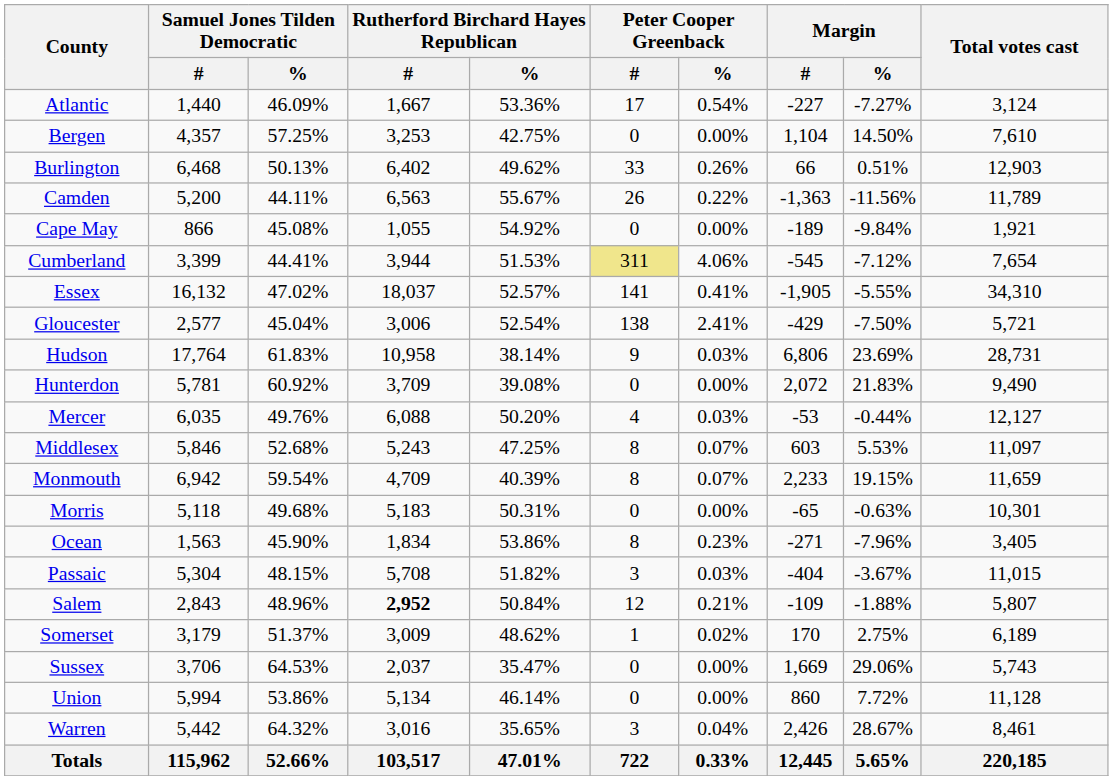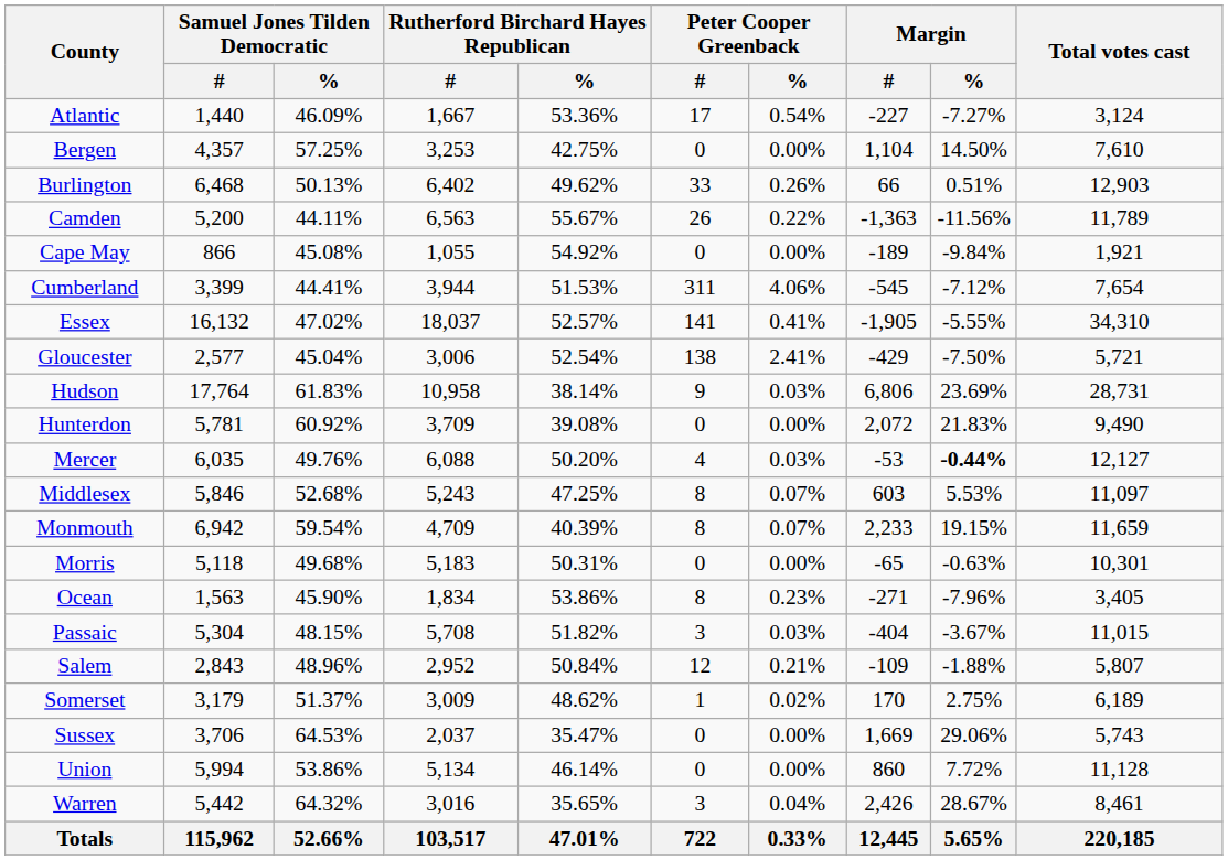 <table class="wikitable sortable">
 <tr>
 <th rowspan="2">County</th>
 <th colspan="2">Samuel Jones Tilden<br>Democratic</th>
 <th colspan="2">Rutherford Birchard Hayes<br>Republican</th>
 <th colspan="2">Peter Cooper<br>Greenback</th>
 <th colspan="2">Margin</th>
 <th rowspan="2">Total votes cast</th>
 </tr>
 <tr>
 <th width="9%" data-sort-type="number">#</th>
 <th width="9%" data-sort-type="number">%</th>
 <th width="11%" data-sort-type="number">#</th>
 <th width="11%" data-sort-type="number">%</th>
 <th width="8%" data-sort-type="number">#</th>
 <th width="8%" data-sort-type="number">%</th>
 <th width="7%" data-sort-type="number">#</th>
 <th width="7%" data-sort-type="number">%</th>
 </tr>
 <tr style="text-align:center;">
 <td><a href='#'>Atlantic</a></td>
 <td>1,440</td>
 <td>46.09%</td>
 <td>1,667</td>
 <td>53.36%</td>
 <td>17</td>
 <td>0.54%</td>
 <td>-227</td>
 <td>-7.27%</td>
 <td>3,124</td>
 </tr>
 <tr style="text-align:center;">
 <td><a href='#'>Bergen</a></td>
 <td>4,357</td>
 <td>57.25%</td>
 <td>3,253</td>
 <td>42.75%</td>
 <td>0</td>
 <td>0.00%</td>
 <td>1,104</td>
 <td>14.50%</td>
 <td>7,610</td>
 </tr>
 <tr style="text-align:center;">
 <td><a href='#'>Burlington</a></td>
 <td>6,468</td>
 <td>50.13%</td>
 <td>6,402</td>
 <td>49.62%</td>
 <td>33</td>
 <td>0.26%</td>
 <td>66</td>
 <td>0.51%</td>
 <td>12,903</td>
 </tr>
 <tr style="text-align:center;">
 <td><a href='#'>Camden</a></td>
 <td>5,200</td>
 <td>44.11%</td>
 <td>6,563</td>
 <td>55.67%</td>
 <td>26</td>
 <td>0.22%</td>
 <td>-1,363</td>
 <td>-11.56%</td>
 <td>11,789</td>
 </tr>
 <tr style="text-align:center;">
 <td><a href='#'>Cape May</a></td>
 <td>866</td>
 <td>45.08%</td>
 <td>1,055</td>
 <td>54.92%</td>
 <td>0</td>
 <td>0.00%</td>
 <td>-189</td>
 <td>-9.84%</td>
 <td>1,921</td>
 </tr>
 <tr style="text-align:center;">
 <td><a href='#'>Cumberland</a></td>
 <td>3,399</td>
 <td>44.41%</td>
 <td>3,944</td>
 <td>51.53%</td>
-<td style="background: khaki;">311</td>
+<td>311</td>
 <td>4.06%</td>
 <td>-545</td>
 <td>-7.12%</td>
 <td>7,654</td>
 </tr>
 <tr style="text-align:center;">
 <td><a href='#'>Essex</a></td>
 <td>16,132</td>
 <td>47.02%</td>
 <td>18,037</td>
 <td>52.57%</td>
 <td>141</td>
 <td>0.41%</td>
 <td>-1,905</td>
 <td>-5.55%</td>
 <td>34,310</td>
 </tr>
 <tr style="text-align:center;">
 <td><a href='#'>Gloucester</a></td>
 <td>2,577</td>
 <td>45.04%</td>
 <td>3,006</td>
 <td>52.54%</td>
 <td>138</td>
 <td>2.41%</td>
 <td>-429</td>
 <td>-7.50%</td>
 <td>5,721</td>
 </tr>
 <tr style="text-align:center;">
 <td><a href='#'>Hudson</a></td>
 <td>17,764</td>
 <td>61.83%</td>
 <td>10,958</td>
 <td>38.14%</td>
 <td>9</td>
 <td>0.03%</td>
 <td>6,806</td>
 <td>23.69%</td>
 <td>28,731</td>
 </tr>
 <tr style="text-align:center;">
 <td><a href='#'>Hunterdon</a></td>
 <td>5,781</td>
 <td>60.92%</td>
 <td>3,709</td>
 <td>39.08%</td>
 <td>0</td>
 <td>0.00%</td>
 <td>2,072</td>
 <td>21.83%</td>
 <td>9,490</td>
 </tr>
 <tr style="text-align:center;">
 <td><a href='#'>Mercer</a></td>
 <td>6,035</td>
 <td>49.76%</td>
 <td>6,088</td>
 <td>50.20%</td>
 <td>4</td>
 <td>0.03%</td>
 <td>-53</td>
-<td>-0.44%</td>
+<td><strong>-0.44%</strong></td>
 <td>12,127</td>
 </tr>
 <tr style="text-align:center;">
 <td><a href='#'>Middlesex</a></td>
 <td>5,846</td>
 <td>52.68%</td>
 <td>5,243</td>
 <td>47.25%</td>
 <td>8</td>
 <td>0.07%</td>
 <td>603</td>
 <td>5.53%</td>
 <td>11,097</td>
 </tr>
 <tr style="text-align:center;">
 <td><a href='#'>Monmouth</a></td>
 <td>6,942</td>
 <td>59.54%</td>
 <td>4,709</td>
 <td>40.39%</td>
 <td>8</td>
 <td>0.07%</td>
 <td>2,233</td>
 <td>19.15%</td>
 <td>11,659</td>
 </tr>
 <tr style="text-align:center;">
 <td><a href='#'>Morris</a></td>
 <td>5,118</td>
 <td>49.68%</td>
 <td>5,183</td>
 <td>50.31%</td>
 <td>0</td>
 <td>0.00%</td>
 <td>-65</td>
 <td>-0.63%</td>
 <td>10,301</td>
 </tr>
 <tr style="text-align:center;">
 <td><a href='#'>Ocean</a></td>
 <td>1,563</td>
 <td>45.90%</td>
 <td>1,834</td>
 <td>53.86%</td>
 <td>8</td>
 <td>0.23%</td>
 <td>-271</td>
 <td>-7.96%</td>
 <td>3,405</td>
 </tr>
 <tr style="text-align:center;">
 <td><a href='#'>Passaic</a></td>
 <td>5,304</td>
 <td>48.15%</td>
 <td>5,708</td>
 <td>51.82%</td>
 <td>3</td>
 <td>0.03%</td>
 <td>-404</td>
 <td>-3.67%</td>
 <td>11,015</td>
 </tr>
 <tr style="text-align:center;">
 <td><a href='#'>Salem</a></td>
 <td>2,843</td>
 <td>48.96%</td>
-<td><strong>2,952</strong></td>
+<td>2,952</td>
 <td>50.84%</td>
 <td>12</td>
 <td>0.21%</td>
 <td>-109</td>
 <td>-1.88%</td>
 <td>5,807</td>
 </tr>
 <tr style="text-align:center;">
 <td><a href='#'>Somerset</a></td>
 <td>3,179</td>
 <td>51.37%</td>
 <td>3,009</td>
 <td>48.62%</td>
 <td>1</td>
 <td>0.02%</td>
 <td>170</td>
 <td>2.75%</td>
 <td>6,189</td>
 </tr>
 <tr style="text-align:center;">
 <td><a href='#'>Sussex</a></td>
 <td>3,706</td>
 <td>64.53%</td>
 <td>2,037</td>
 <td>35.47%</td>
 <td>0</td>
 <td>0.00%</td>
 <td>1,669</td>
 <td>29.06%</td>
 <td>5,743</td>
 </tr>
 <tr style="text-align:center;">
 <td><a href='#'>Union</a></td>
 <td>5,994</td>
 <td>53.86%</td>
 <td>5,134</td>
 <td>46.14%</td>
 <td>0</td>
 <td>0.00%</td>
 <td>860</td>
 <td>7.72%</td>
 <td>11,128</td>
 </tr>
 <tr style="text-align:center;">
 <td><a href='#'>Warren</a></td>
 <td>5,442</td>
 <td>64.32%</td>
 <td>3,016</td>
 <td>35.65%</td>
 <td>3</td>
 <td>0.04%</td>
 <td>2,426</td>
 <td>28.67%</td>
 <td>8,461</td>
 </tr>
 <tr style="text-align:center;">
 <th>Totals</th>
 <th>115,962</th>
 <th>52.66%</th>
 <th>103,517</th>
 <th>47.01%</th>
 <th>722</th>
 <th>0.33%</th>
 <th>12,445</th>
 <th>5.65%</th>
 <th>220,185</th>
 </tr>
 </table>
